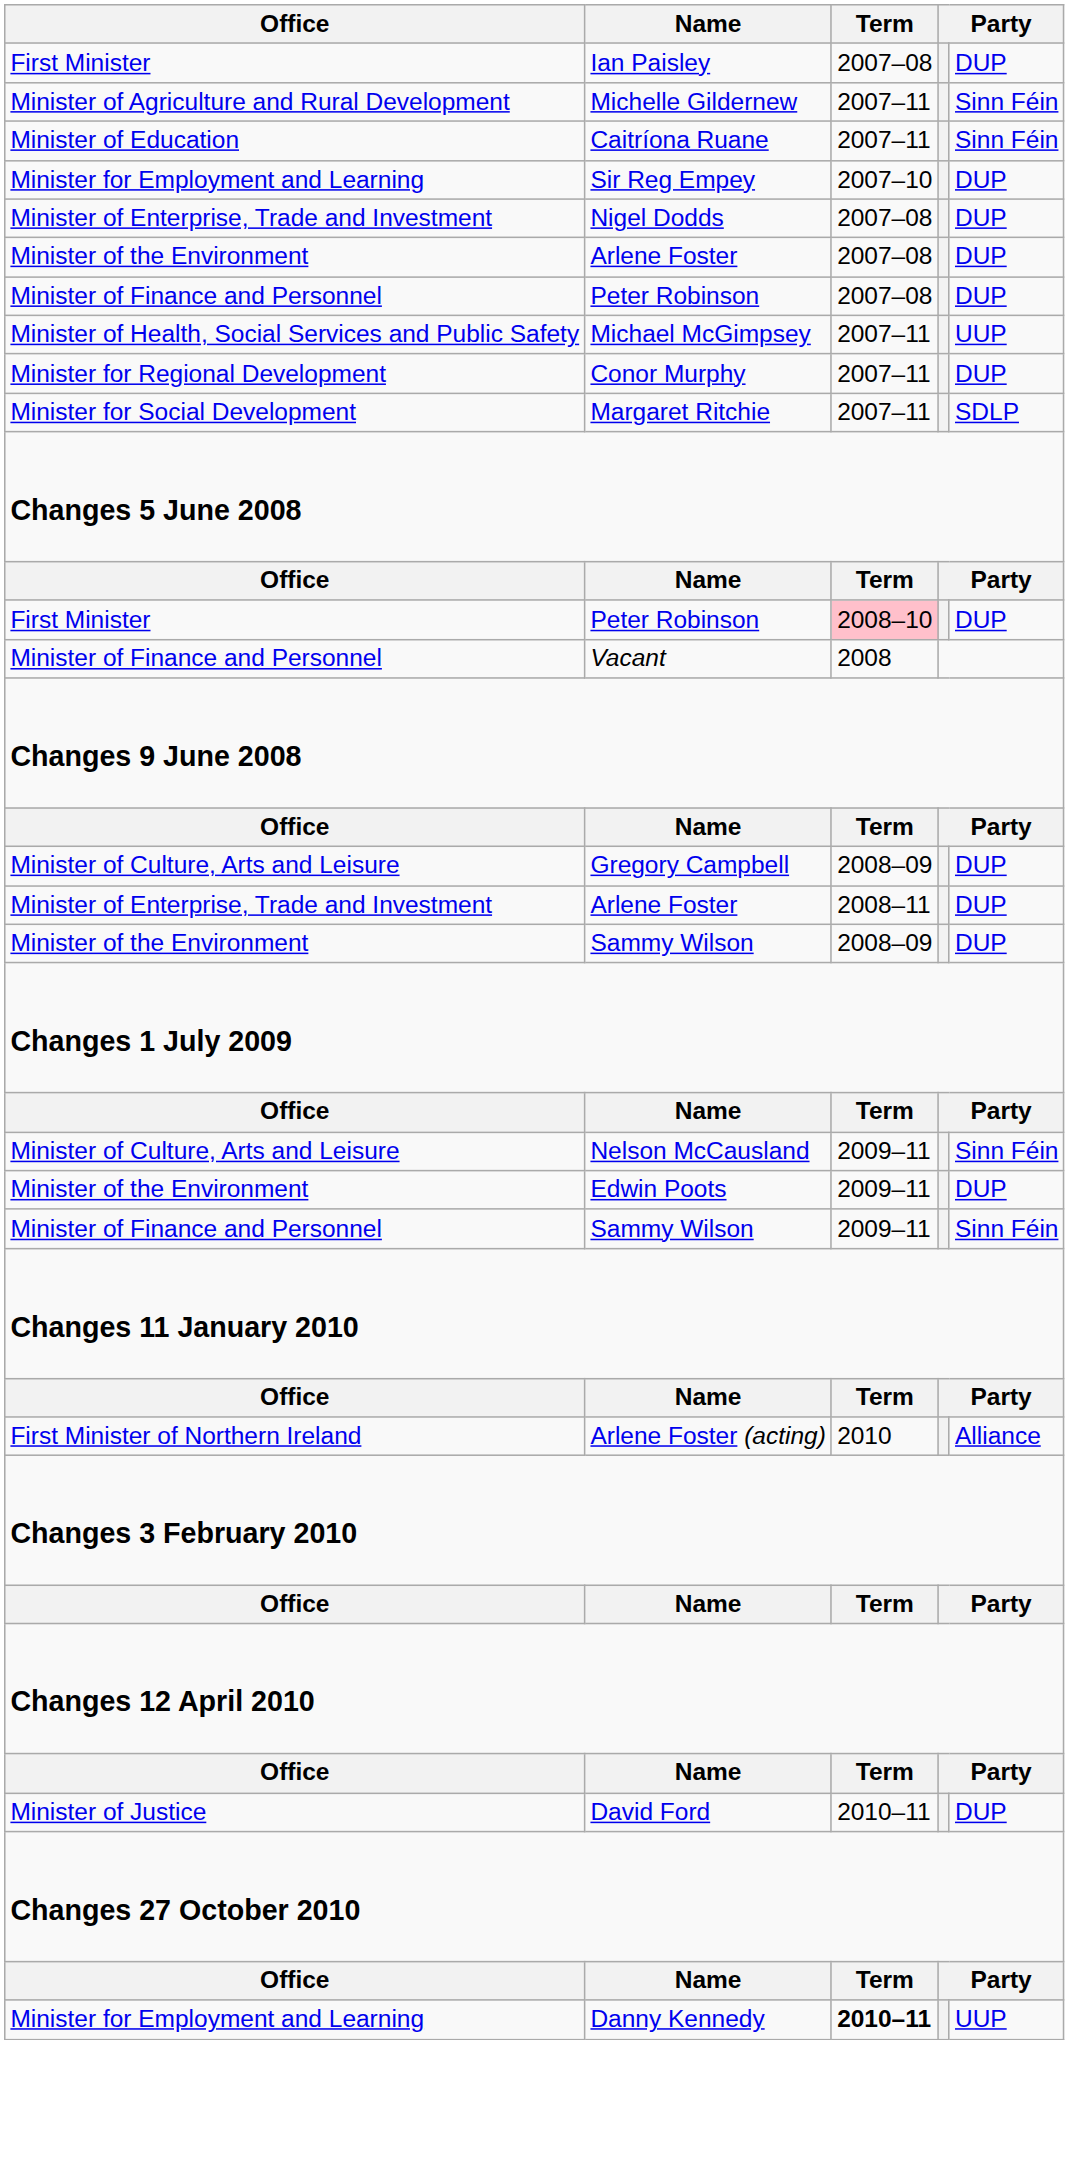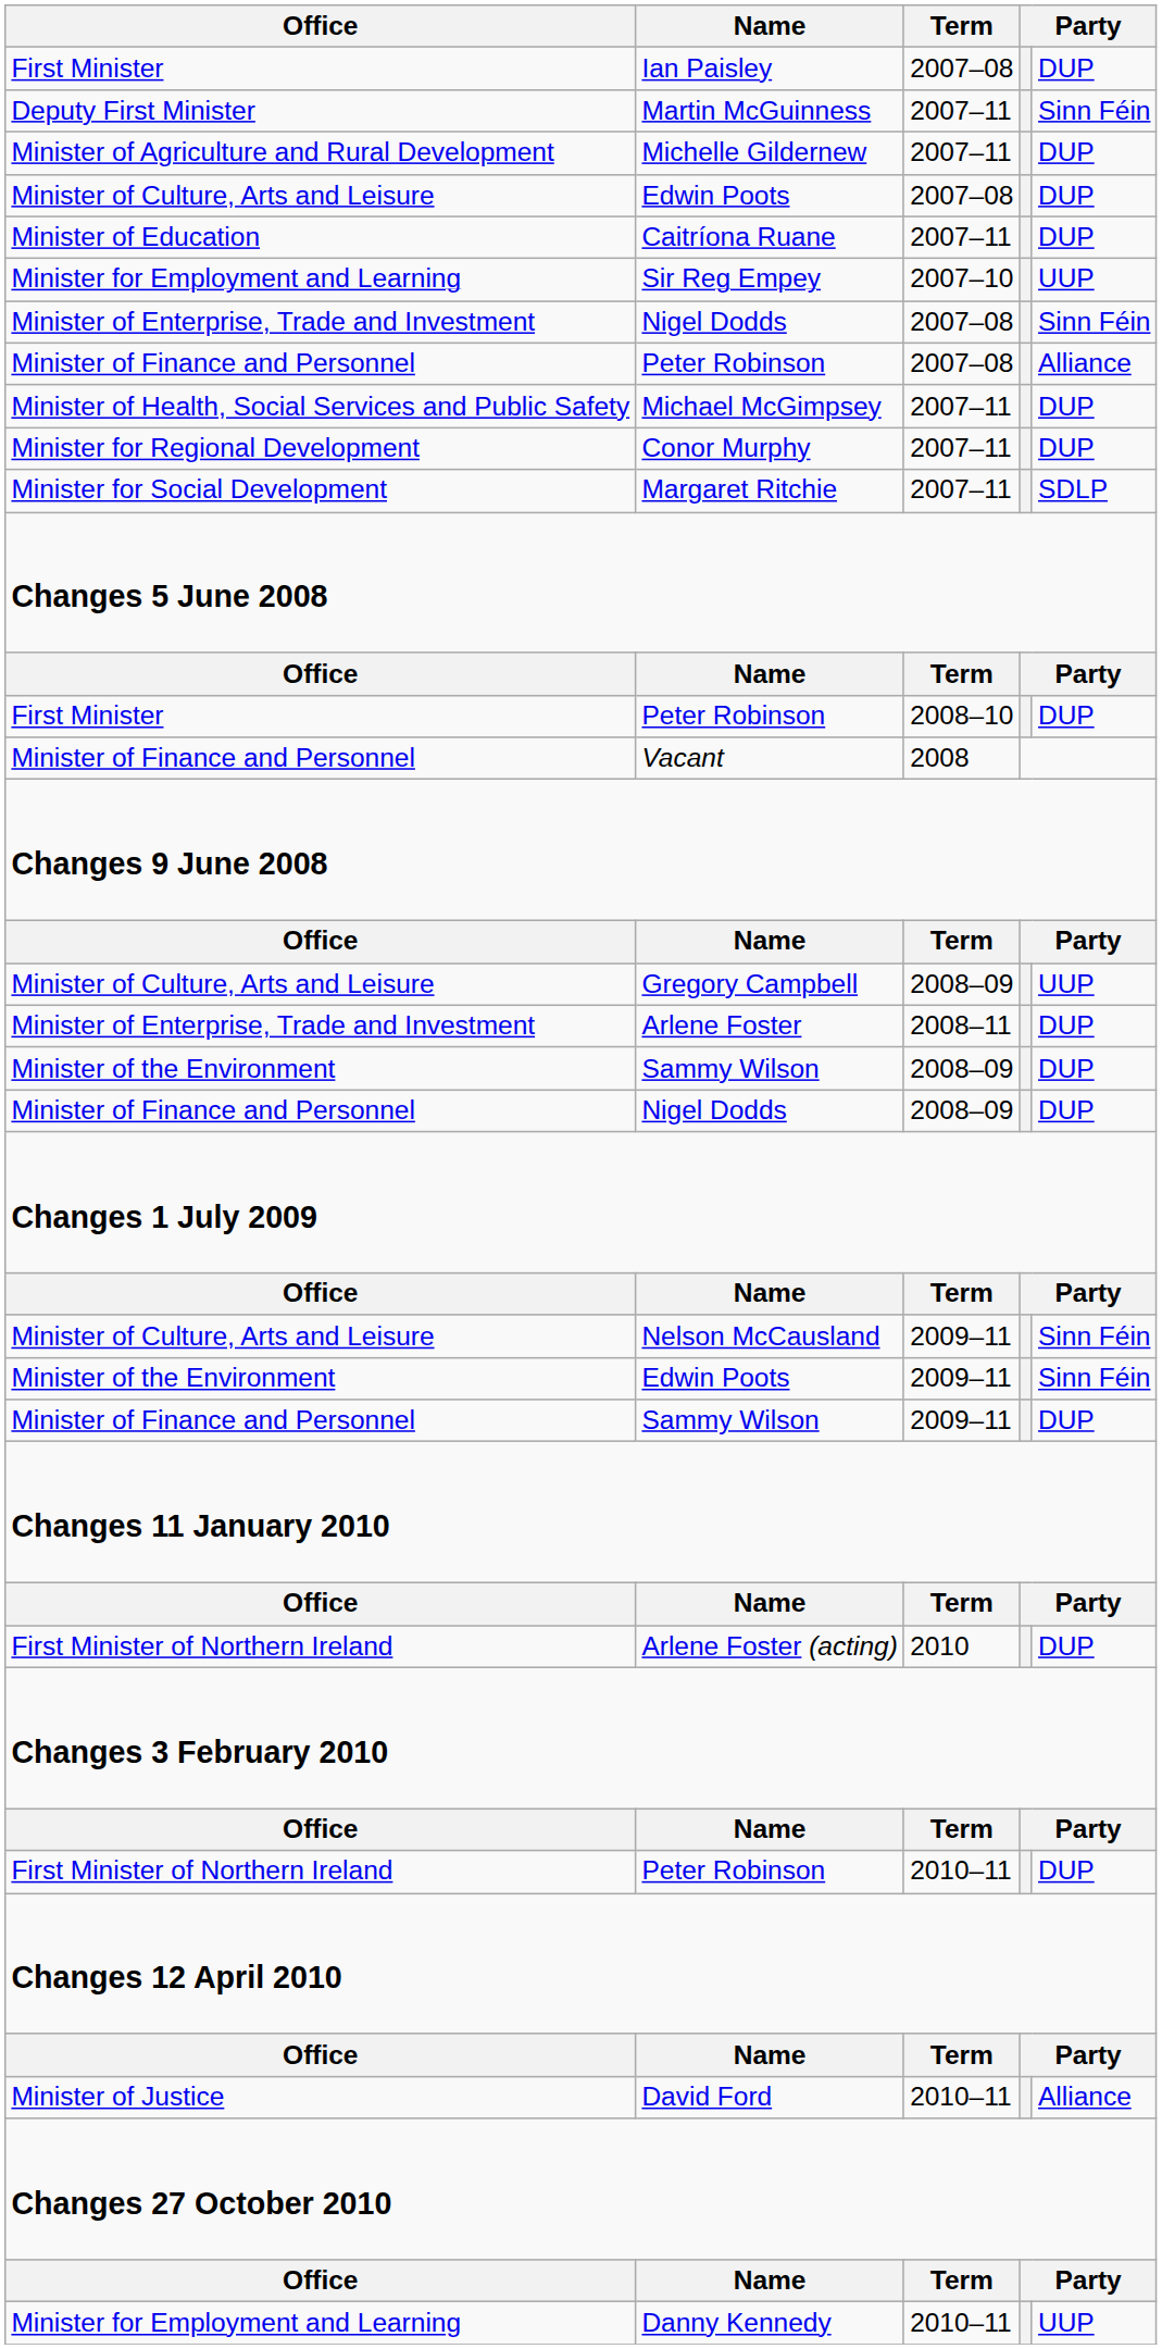 <table class="wikitable">
 <tr>
 <th>Office</th>
 <th>Name</th>
 <th>Term</th>
 <th colspan="2">Party</th>
 </tr>
 <tr>
 <td><a href='#'>First Minister</a></td>
 <td><a href='#'>Ian Paisley</a></td>
 <td>2007–08</td>
 <th style="background-color: "></th>
 <td><a href='#'>DUP</a></td>
 </tr>
 <tr>
+<td><a href='#'>Deputy First Minister</a></td>
+<td><a href='#'>Martin McGuinness</a></td>
+<td>2007–11</td>
+<th style="background-color: "></th>
+<td><a href='#'>Sinn Féin</a></td>
+</tr>
+<tr>
 <td><a href='#'>Minister of Agriculture and Rural Development</a></td>
 <td><a href='#'>Michelle Gildernew</a></td>
 <td>2007–11</td>
 <th style="background-color: "></th>
-<td><a href='#'>Sinn Féin</a></td>
+<td><a href='#'>DUP</a></td>
+</tr>
+<tr>
+<td><a href='#'>Minister of Culture, Arts and Leisure</a></td>
+<td><a href='#'>Edwin Poots</a></td>
+<td>2007–08</td>
+<th style="background-color: "></th>
+<td><a href='#'>DUP</a></td>
 </tr>
 <tr>
 <td><a href='#'>Minister of Education</a></td>
 <td><a href='#'>Caitríona Ruane</a></td>
 <td>2007–11</td>
 <th style="background-color: "></th>
-<td><a href='#'>Sinn Féin</a></td>
+<td><a href='#'>DUP</a></td>
 </tr>
 <tr>
 <td><a href='#'>Minister for Employment and Learning</a></td>
 <td><a href='#'>Sir Reg Empey</a></td>
 <td>2007–10</td>
 <th style="background-color: "></th>
-<td><a href='#'>DUP</a></td>
+<td><a href='#'>UUP</a></td>
 </tr>
 <tr>
 <td><a href='#'>Minister of Enterprise, Trade and Investment</a></td>
 <td><a href='#'>Nigel Dodds</a></td>
 <td>2007–08</td>
 <th style="background-color: "></th>
-<td><a href='#'>DUP</a></td>
-</tr>
-<tr>
-<td><a href='#'>Minister of the Environment</a></td>
-<td><a href='#'>Arlene Foster</a></td>
-<td>2007–08</td>
-<th style="background-color: "></th>
-<td><a href='#'>DUP</a></td>
+<td><a href='#'>Sinn Féin</a></td>
 </tr>
 <tr>
 <td><a href='#'>Minister of Finance and Personnel</a></td>
 <td><a href='#'>Peter Robinson</a></td>
 <td>2007–08</td>
 <th style="background-color: "></th>
-<td><a href='#'>DUP</a></td>
+<td><a href='#'>Alliance</a></td>
 </tr>
 <tr>
 <td><a href='#'>Minister of Health, Social Services and Public Safety</a></td>
 <td><a href='#'>Michael McGimpsey</a></td>
 <td>2007–11</td>
 <th style="background-color: "></th>
-<td><a href='#'>UUP</a></td>
+<td><a href='#'>DUP</a></td>
 </tr>
 <tr>
 <td><a href='#'>Minister for Regional Development</a></td>
 <td><a href='#'>Conor Murphy</a></td>
 <td>2007–11</td>
 <th style="background-color: "></th>
 <td><a href='#'>DUP</a></td>
 </tr>
 <tr>
 <td><a href='#'>Minister for Social Development</a></td>
 <td><a href='#'>Margaret Ritchie</a></td>
 <td>2007–11</td>
 <th style="background-color: "></th>
 <td><a href='#'>SDLP</a></td>
 </tr>
 <tr>
 <td colspan="5"><br><h3>Changes 5 June 2008</h3></td>
 </tr>
 <tr>
 <th>Office</th>
 <th>Name</th>
 <th>Term</th>
 <th colspan="2">Party</th>
 </tr>
 <tr>
 <td><a href='#'>First Minister</a></td>
 <td><a href='#'>Peter Robinson</a></td>
-<td style="background: pink;">2008–10</td>
+<td>2008–10</td>
 <th style="background-color: "></th>
 <td><a href='#'>DUP</a></td>
 </tr>
 <tr>
 <td><a href='#'>Minister of Finance and Personnel</a></td>
 <td><em>Vacant</em> </td>
 <td>2008</td>
 <td colspan=2></td>
 </tr>
 <tr>
 <td colspan="5"><br><h3>Changes 9 June 2008</h3></td>
 </tr>
 <tr>
 <th>Office</th>
 <th>Name</th>
 <th>Term</th>
 <th colspan="2">Party</th>
 </tr>
 <tr>
 <td><a href='#'>Minister of Culture, Arts and Leisure</a></td>
 <td><a href='#'>Gregory Campbell</a></td>
 <td>2008–09</td>
 <th style="background-color: "></th>
-<td><a href='#'>DUP</a></td>
+<td><a href='#'>UUP</a></td>
 </tr>
 <tr>
 <td><a href='#'>Minister of Enterprise, Trade and Investment</a></td>
 <td><a href='#'>Arlene Foster</a></td>
 <td>2008–11</td>
 <th style="background-color: "></th>
 <td><a href='#'>DUP</a></td>
 </tr>
 <tr>
 <td><a href='#'>Minister of the Environment</a></td>
 <td><a href='#'>Sammy Wilson</a></td>
+<td>2008–09</td>
+<th style="background-color: "></th>
+<td><a href='#'>DUP</a></td>
+</tr>
+<tr>
+<td><a href='#'>Minister of Finance and Personnel</a></td>
+<td><a href='#'>Nigel Dodds</a></td>
 <td>2008–09</td>
 <th style="background-color: "></th>
 <td><a href='#'>DUP</a></td>
 </tr>
 <tr>
 <td colspan="5"><br><h3>Changes 1 July 2009</h3></td>
 </tr>
 <tr>
 <th>Office</th>
 <th>Name</th>
 <th>Term</th>
 <th colspan="2">Party</th>
 </tr>
 <tr>
 <td><a href='#'>Minister of Culture, Arts and Leisure</a></td>
 <td><a href='#'>Nelson McCausland</a></td>
 <td>2009–11</td>
 <th style="background-color: "></th>
 <td><a href='#'>Sinn Féin</a></td>
 </tr>
 <tr>
 <td><a href='#'>Minister of the Environment</a></td>
 <td><a href='#'>Edwin Poots</a></td>
 <td>2009–11</td>
 <th style="background-color: "></th>
-<td><a href='#'>DUP</a></td>
+<td><a href='#'>Sinn Féin</a></td>
 </tr>
 <tr>
 <td><a href='#'>Minister of Finance and Personnel</a></td>
 <td><a href='#'>Sammy Wilson</a></td>
 <td>2009–11</td>
 <th style="background-color: "></th>
-<td><a href='#'>Sinn Féin</a></td>
+<td><a href='#'>DUP</a></td>
 </tr>
 <tr>
 <td colspan="5"><br><h3>Changes 11 January 2010</h3></td>
 </tr>
 <tr>
 <th>Office</th>
 <th>Name</th>
 <th>Term</th>
 <th colspan="2">Party</th>
 </tr>
 <tr>
 <td><a href='#'>First Minister of Northern Ireland</a></td>
 <td><a href='#'>Arlene Foster</a> <em>(acting)</em> </td>
 <td>2010</td>
 <th style="background-color: "></th>
-<td><a href='#'>Alliance</a></td>
+<td><a href='#'>DUP</a></td>
 </tr>
 <tr>
 <td colspan="5"><br><h3>Changes 3 February 2010</h3></td>
 </tr>
 <tr>
 <th>Office</th>
 <th>Name</th>
 <th>Term</th>
 <th colspan="2">Party</th>
+</tr>
+<tr>
+<td><a href='#'>First Minister of Northern Ireland</a></td>
+<td><a href='#'>Peter Robinson</a></td>
+<td>2010–11</td>
+<th style="background-color: "></th>
+<td><a href='#'>DUP</a></td>
 </tr>
 <tr>
 <td colspan="5"><br><h3>Changes 12 April 2010</h3></td>
 </tr>
 <tr>
 <th>Office</th>
 <th>Name</th>
 <th>Term</th>
 <th colspan="2">Party</th>
 </tr>
 <tr>
 <td><a href='#'>Minister of Justice</a></td>
 <td><a href='#'>David Ford</a></td>
 <td>2010–11</td>
 <th style="background-color: "></th>
-<td><a href='#'>DUP</a></td>
+<td><a href='#'>Alliance</a></td>
 </tr>
 <tr>
 <td colspan="5"><br><h3>Changes 27 October 2010</h3></td>
 </tr>
 <tr>
 <th>Office</th>
 <th>Name</th>
 <th>Term</th>
 <th colspan="2">Party</th>
 </tr>
 <tr>
 <td><a href='#'>Minister for Employment and Learning</a></td>
 <td><a href='#'>Danny Kennedy</a></td>
-<td><strong>2010–11</strong></td>
+<td>2010–11</td>
 <th style="background-color: "></th>
 <td><a href='#'>UUP</a></td>
 </tr>
 </table>
